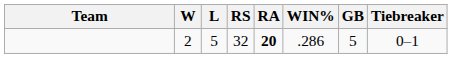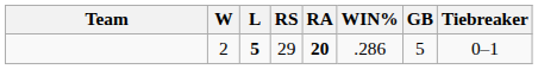 <table class=wikitable style=text-align:center>
 <tr>
 <th width=170>Team</th>
 <th width=20>W</th>
 <th width=20>L</th>
 <th width=20>RS</th>
 <th width=20>RA</th>
 <th width=20>WIN%</th>
 <th width=20>GB</th>
 <th width=40>Tiebreaker</th>
 </tr>
 <tr>
 <td align=left></td>
 <td>2</td>
-<td>5</td>
-<td>32</td>
+<td><strong>5</strong></td>
+<td>29</td>
 <td><strong>20</strong></td>
 <td>.286</td>
 <td>5</td>
 <td>0–1</td>
 </tr>
 </table>
